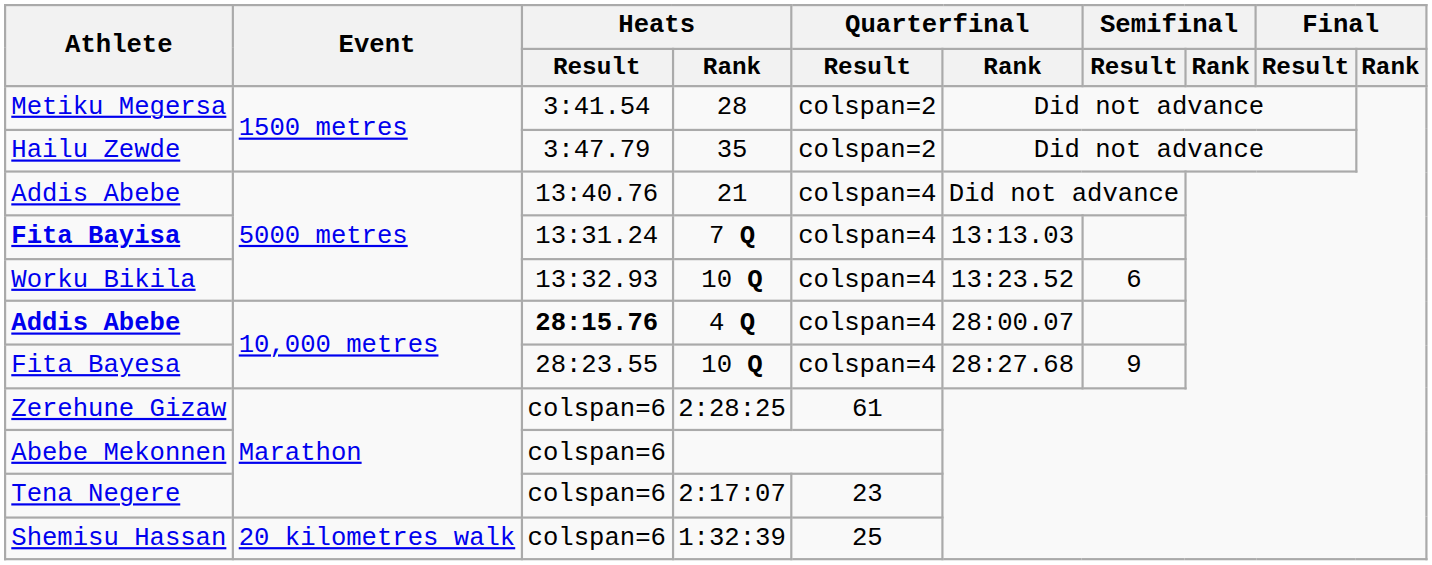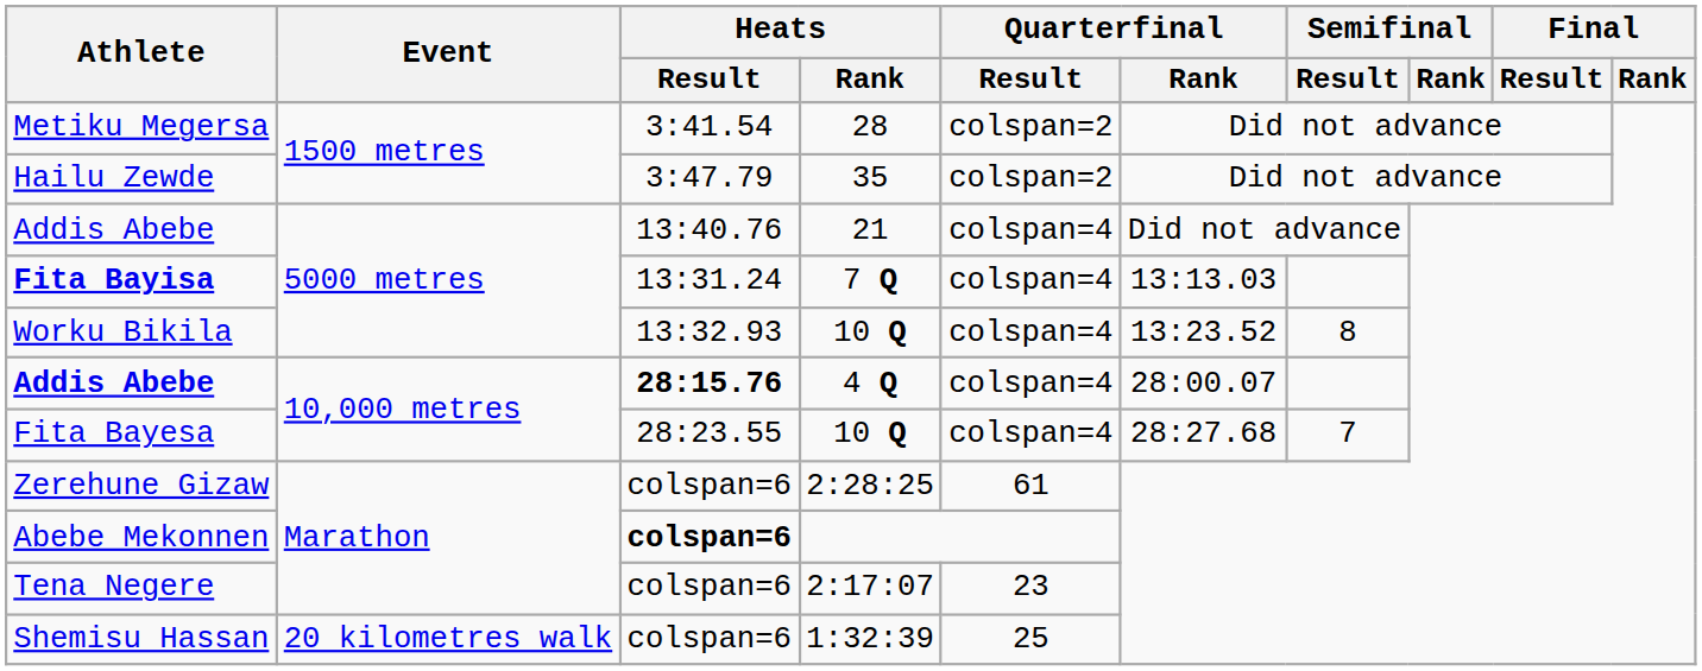 <table class="wikitable" style="font-size:90%">
 <tr>
 <th rowspan="2">Athlete</th>
 <th rowspan="2">Event</th>
 <th colspan="2">Heats</th>
 <th colspan="2">Quarterfinal</th>
 <th colspan="2">Semifinal</th>
 <th colspan="2">Final</th>
 </tr>
 <tr style="font-size:95%">
 <th>Result</th>
 <th>Rank</th>
 <th>Result</th>
 <th>Rank</th>
 <th>Result</th>
 <th>Rank</th>
 <th>Result</th>
 <th>Rank</th>
 </tr>
 <tr align=center>
 <td align=left><a href='#'>Metiku Megersa</a></td>
 <td align=left rowspan=2><a href='#'>1500 metres</a></td>
 <td>3:41.54</td>
 <td>28</td>
 <td>colspan=2</td>
 <td colspan=4>Did not advance</td>
 </tr>
 <tr align=center>
 <td align=left><a href='#'>Hailu Zewde</a></td>
 <td>3:47.79</td>
 <td>35</td>
 <td>colspan=2</td>
 <td colspan=4>Did not advance</td>
 </tr>
 <tr align=center>
 <td align=left><a href='#'>Addis Abebe</a></td>
 <td align=left rowspan=3><a href='#'>5000 metres</a></td>
 <td>13:40.76</td>
 <td>21</td>
 <td>colspan=4</td>
 <td colspan=2>Did not advance</td>
 </tr>
 <tr align=center>
 <td align=left><strong><a href='#'>Fita Bayisa</a></strong></td>
 <td>13:31.24</td>
 <td>7 <strong>Q</strong></td>
 <td>colspan=4</td>
 <td>13:13.03</td>
 <td></td>
 </tr>
 <tr align=center>
 <td align=left><a href='#'>Worku Bikila</a></td>
 <td>13:32.93</td>
 <td>10 <strong>Q</strong></td>
 <td>colspan=4</td>
 <td>13:23.52</td>
-<td>6</td>
+<td>8</td>
 </tr>
 <tr align=center>
 <td align=left><strong><a href='#'>Addis Abebe</a></strong></td>
 <td align=left rowspan=2><a href='#'>10,000 metres</a></td>
 <td><strong>28:15.76</strong></td>
 <td>4 <strong>Q</strong></td>
 <td>colspan=4</td>
 <td>28:00.07</td>
 <td></td>
 </tr>
 <tr align=center>
 <td align=left><a href='#'>Fita Bayesa</a></td>
 <td>28:23.55</td>
 <td>10 <strong>Q</strong></td>
 <td>colspan=4</td>
 <td>28:27.68</td>
-<td>9</td>
+<td>7</td>
 </tr>
 <tr align=center>
 <td align=left><a href='#'>Zerehune Gizaw</a></td>
 <td align=left rowspan=3><a href='#'>Marathon</a></td>
 <td>colspan=6</td>
 <td>2:28:25</td>
 <td>61</td>
 </tr>
 <tr align=center>
 <td align=left><a href='#'>Abebe Mekonnen</a></td>
-<td>colspan=6</td>
+<td><strong>colspan=6</strong></td>
 <td colspan=2></td>
 </tr>
 <tr align=center>
 <td align=left><a href='#'>Tena Negere</a></td>
 <td>colspan=6</td>
 <td>2:17:07</td>
 <td>23</td>
 </tr>
 <tr align=center>
 <td align=left><a href='#'>Shemisu Hassan</a></td>
 <td align=left><a href='#'>20 kilometres walk</a></td>
 <td>colspan=6</td>
 <td>1:32:39</td>
 <td>25</td>
 </tr>
 </table>
